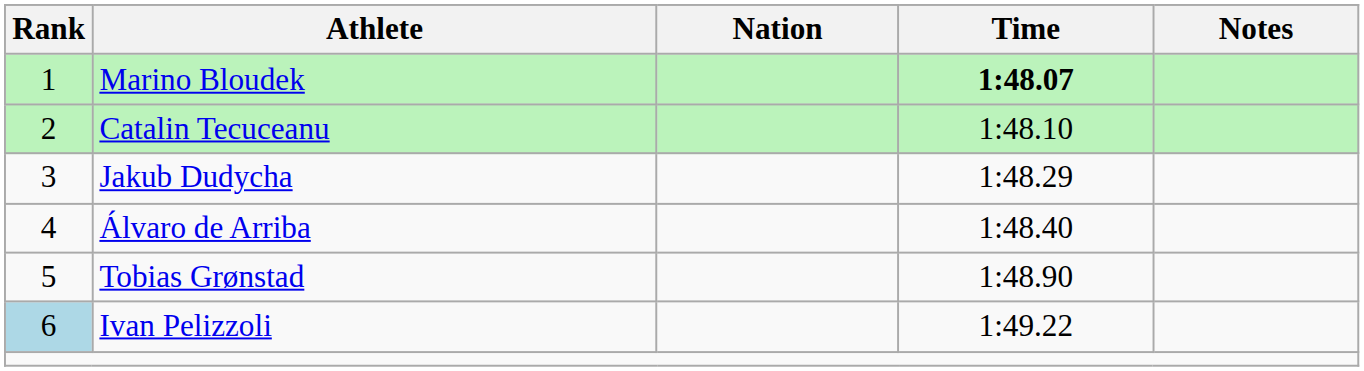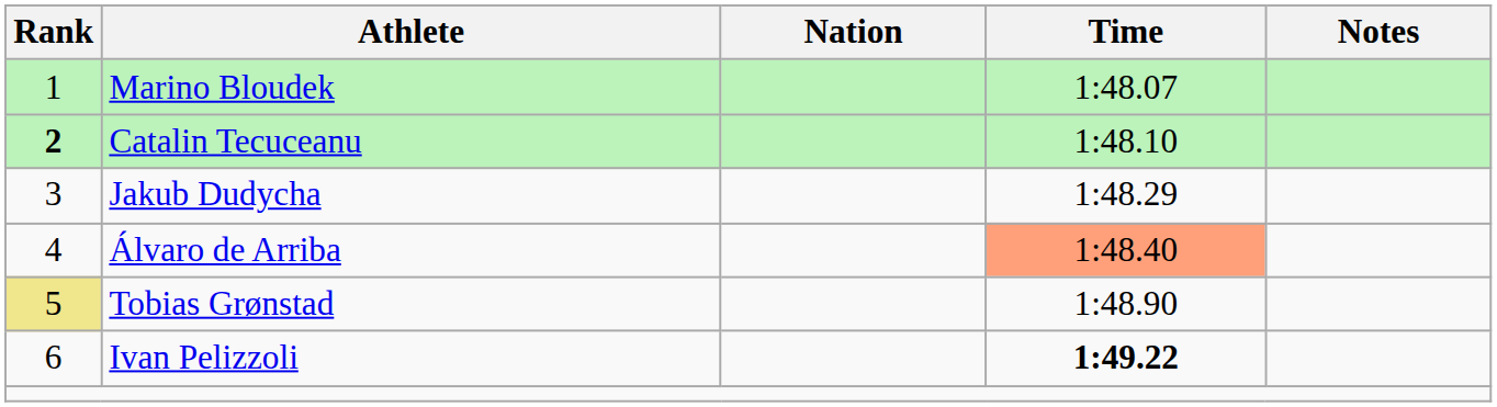 <table class="wikitable sortable" style="text-align:center;width: 55%;">
 <tr>
 <th scope="col" style="width: 10px;">Rank</th>
 <th scope="col">Athlete</th>
 <th scope="col">Nation</th>
 <th scope="col">Time</th>
 <th scope="col">Notes</th>
 </tr>
 <tr bgcolor=bbf3bb>
 <td>1</td>
 <td align=left><a href='#'>Marino Bloudek</a></td>
 <td align=left></td>
-<td><strong>1:48.07</strong></td>
+<td>1:48.07</td>
 <td></td>
 </tr>
 <tr bgcolor=bbf3bb>
-<td>2</td>
+<td><strong>2</strong></td>
 <td align=left><a href='#'>Catalin Tecuceanu</a></td>
 <td align=left></td>
 <td>1:48.10</td>
 <td></td>
 </tr>
 <tr>
 <td>3</td>
 <td align=left><a href='#'>Jakub Dudycha</a></td>
 <td align=left></td>
 <td>1:48.29</td>
 <td></td>
 </tr>
 <tr>
 <td>4</td>
 <td align=left><a href='#'>Álvaro de Arriba</a></td>
 <td align=left></td>
-<td>1:48.40</td>
+<td style="background: lightsalmon;">1:48.40</td>
 <td></td>
 </tr>
 <tr>
-<td>5</td>
+<td style="background: khaki;">5</td>
 <td align=left><a href='#'>Tobias Grønstad</a></td>
 <td align=left></td>
 <td>1:48.90</td>
 <td></td>
 </tr>
 <tr>
-<td style="background: lightblue;">6</td>
+<td>6</td>
 <td align=left><a href='#'>Ivan Pelizzoli</a></td>
 <td align=left></td>
-<td>1:49.22</td>
+<td><strong>1:49.22</strong></td>
 <td></td>
 </tr>
 <tr class="sortbottom">
 <td colspan="5"></td>
 </tr>
 </table>
